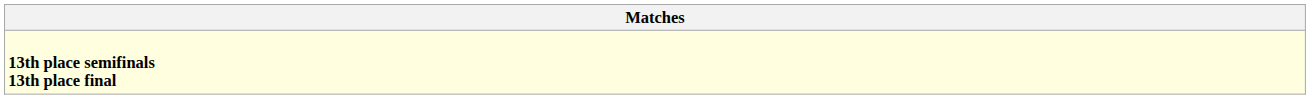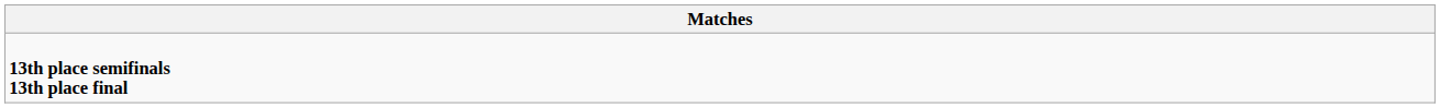 <table class="wikitable collapsible collapsed" style="width:100%;">
 <tr>
 <th>Matches</th>
 </tr>
 <tr>
-<td style="background: lightyellow;"><br><strong>13th place semifinals</strong>  <br><strong>13th place final</strong> </td>
+<td><br><strong>13th place semifinals</strong>  <br><strong>13th place final</strong> </td>
 </tr>
 </table>
